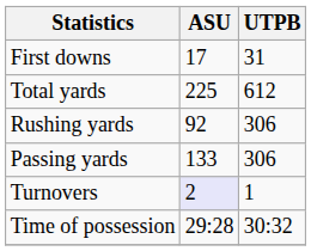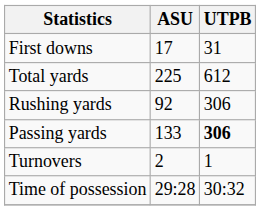 <table class="wikitable" style="float: left;">
 <tr>
 <th>Statistics</th>
 <th>ASU</th>
 <th>UTPB</th>
 </tr>
 <tr>
 <td>First downs</td>
 <td>17</td>
 <td>31</td>
 </tr>
 <tr>
 <td>Total yards</td>
 <td>225</td>
 <td>612</td>
 </tr>
 <tr>
 <td>Rushing yards</td>
 <td>92</td>
 <td>306</td>
 </tr>
 <tr>
 <td>Passing yards</td>
 <td>133</td>
-<td>306</td>
+<td><strong>306</strong></td>
 </tr>
 <tr>
 <td>Turnovers</td>
-<td style="background: lavender;">2</td>
+<td>2</td>
 <td>1</td>
 </tr>
 <tr>
 <td>Time of possession</td>
 <td>29:28</td>
 <td>30:32</td>
 </tr>
 <tr>
 </tr>
 </table>
